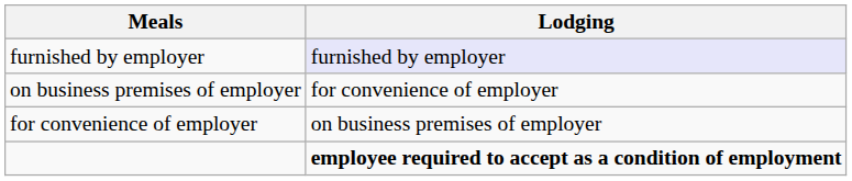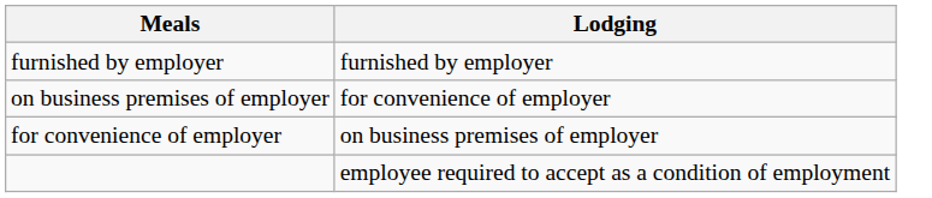 <table class="wikitable">
 <tr>
 <th>Meals</th>
 <th>Lodging</th>
 </tr>
 <tr>
 <td>furnished by employer</td>
-<td style="background: lavender;">furnished by employer</td>
+<td>furnished by employer</td>
 </tr>
 <tr>
 <td>on business premises of employer</td>
 <td>for convenience of employer</td>
 </tr>
 <tr>
 <td>for convenience of employer</td>
 <td>on business premises of employer</td>
 </tr>
 <tr>
 <td></td>
-<td><strong>employee required to accept as a condition of employment</strong></td>
+<td>employee required to accept as a condition of employment</td>
 </tr>
 </table>
